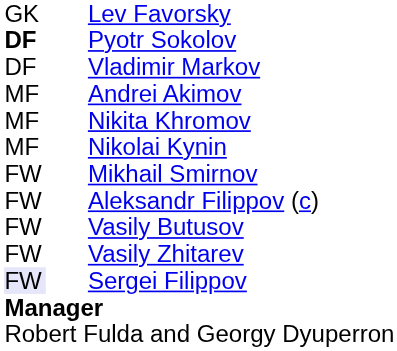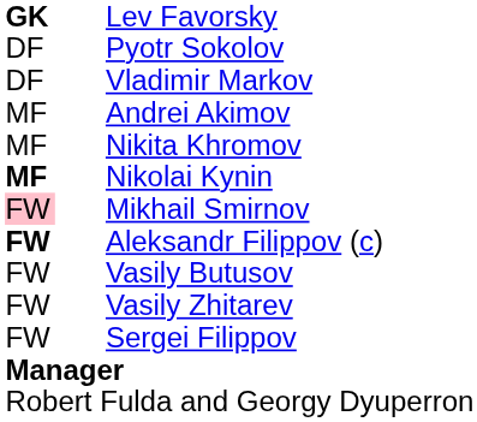 <table cellspacing="0" cellpadding="0" style="font-size:90%; margin:0.2em auto;">
 <tr>
 <th width="25"></th>
 <th width="25"></th>
 </tr>
 <tr>
-<td>GK</td>
+<td><strong>GK</strong></td>
 <td></td>
 <td><a href='#'>Lev Favorsky</a></td>
 </tr>
 <tr>
-<td><strong>DF</strong></td>
+<td>DF</td>
 <td></td>
 <td><a href='#'>Pyotr Sokolov</a></td>
 </tr>
 <tr>
 <td>DF</td>
 <td></td>
 <td><a href='#'>Vladimir Markov</a></td>
 </tr>
 <tr>
 <td>MF</td>
 <td></td>
 <td><a href='#'>Andrei Akimov</a></td>
 </tr>
 <tr>
 <td>MF</td>
 <td></td>
 <td><a href='#'>Nikita Khromov</a></td>
 </tr>
 <tr>
-<td>MF</td>
+<td><strong>MF</strong></td>
 <td></td>
 <td><a href='#'>Nikolai Kynin</a></td>
 </tr>
 <tr>
-<td>FW</td>
+<td style="background: pink;">FW</td>
 <td></td>
 <td><a href='#'>Mikhail Smirnov</a></td>
 </tr>
 <tr>
-<td>FW</td>
+<td><strong>FW</strong></td>
 <td></td>
 <td><a href='#'>Aleksandr Filippov</a> (<a href='#'>c</a>)</td>
 </tr>
 <tr>
 <td>FW</td>
 <td></td>
 <td><a href='#'>Vasily Butusov</a></td>
 </tr>
 <tr>
 <td>FW</td>
 <td></td>
 <td><a href='#'>Vasily Zhitarev</a></td>
 </tr>
 <tr>
-<td style="background: lavender;">FW</td>
+<td>FW</td>
 <td></td>
 <td><a href='#'>Sergei Filippov</a></td>
 </tr>
 <tr>
 <td colspan=3><strong>Manager</strong></td>
 </tr>
 <tr>
 <td colspan=4> Robert Fulda and Georgy Dyuperron</td>
 </tr>
 </table>
